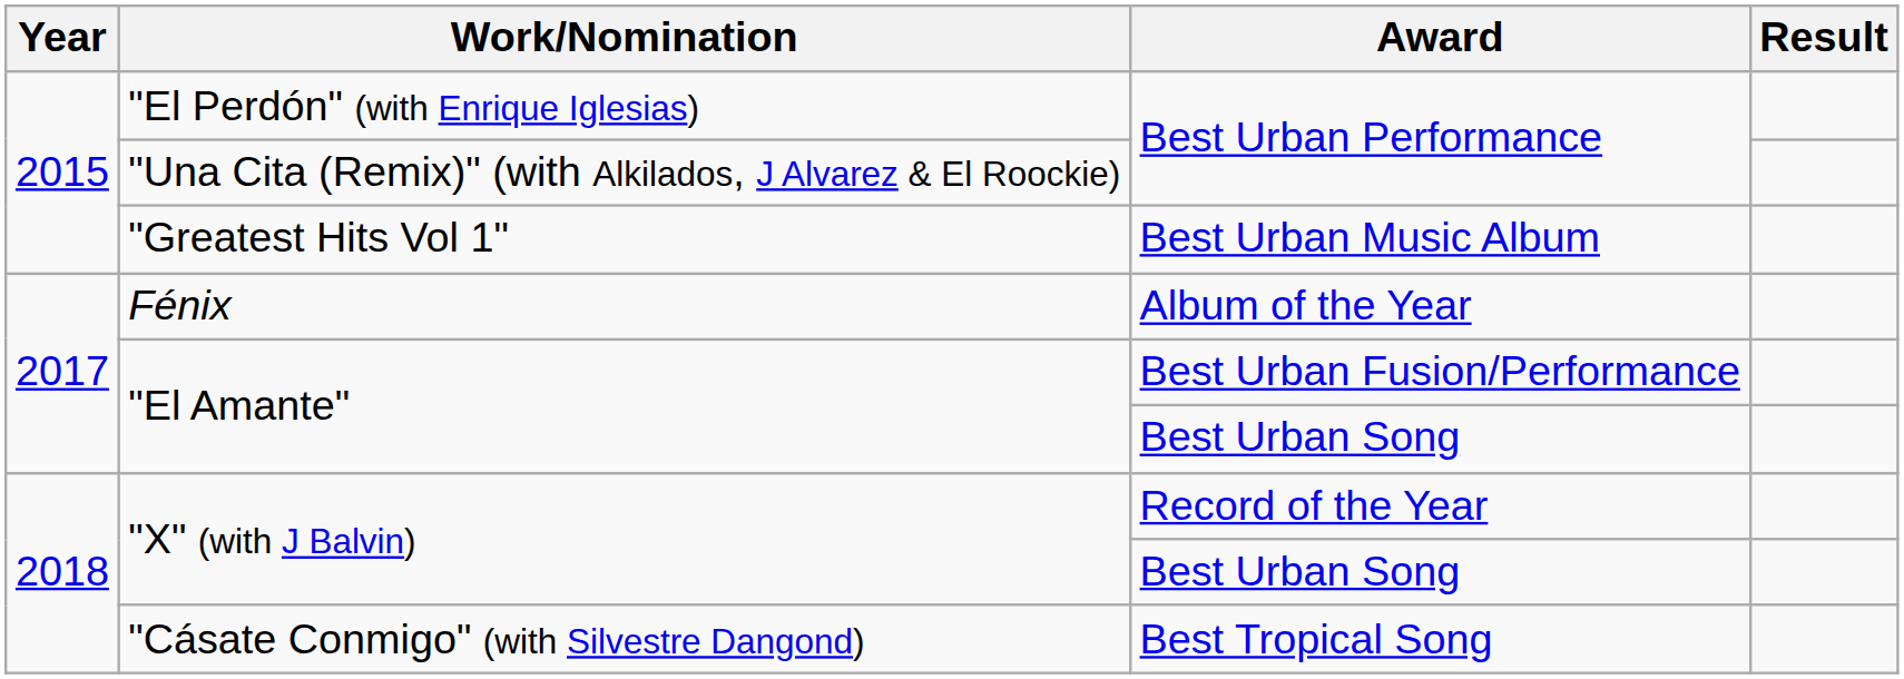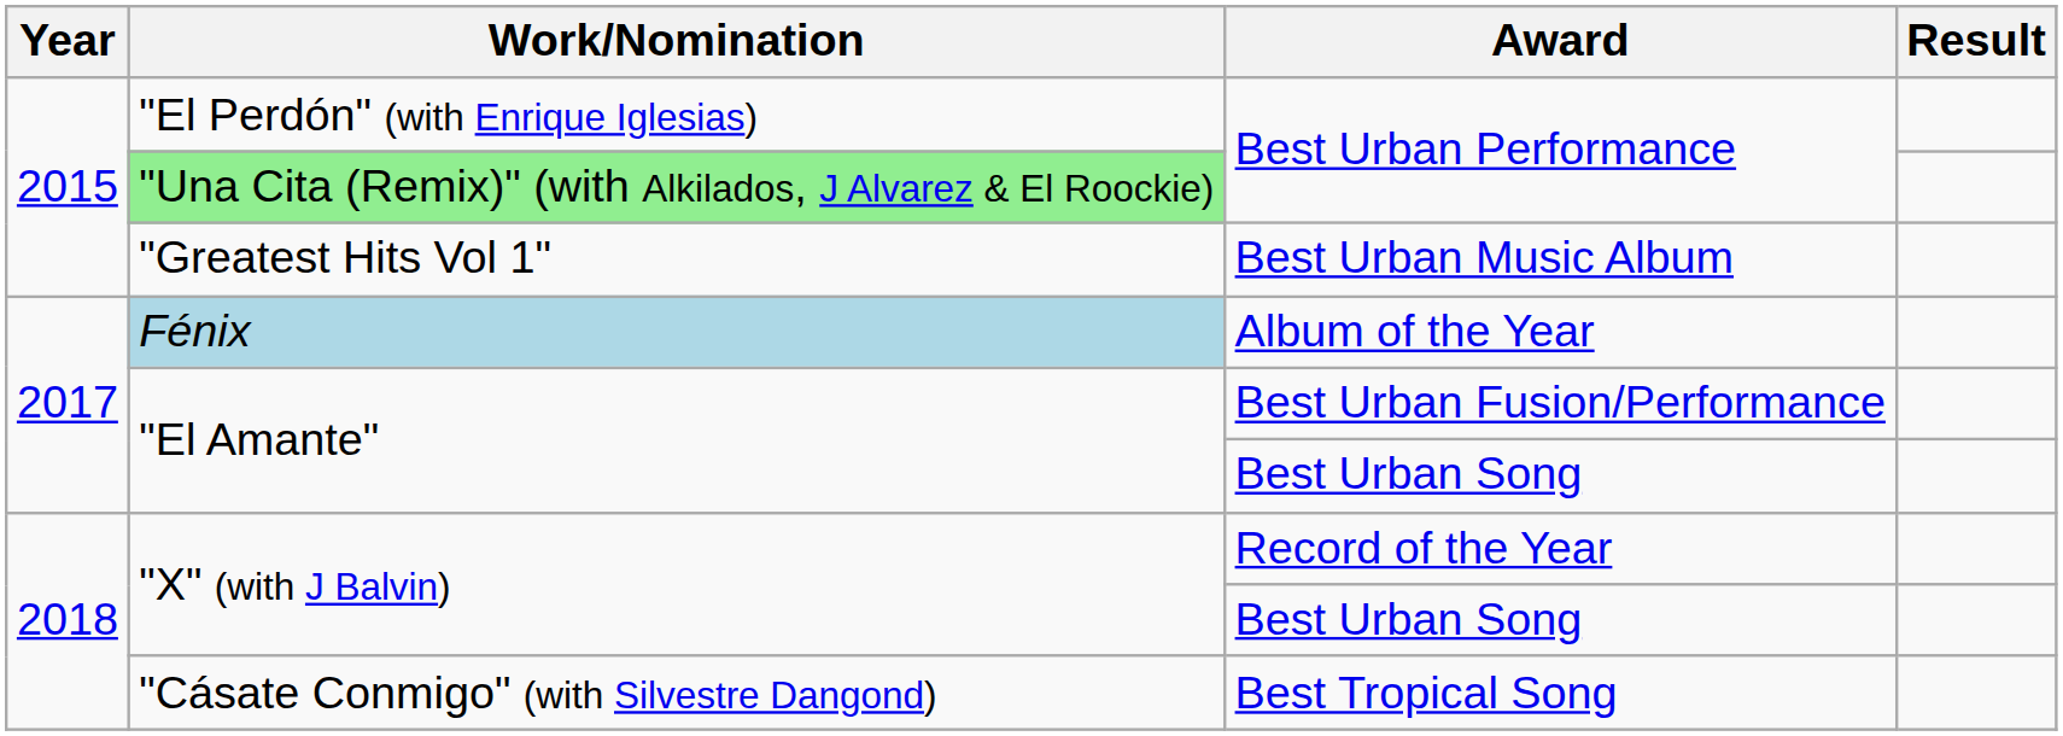 <table class="wikitable">
 <tr>
 <th>Year</th>
 <th>Work/Nomination</th>
 <th>Award</th>
 <th>Result</th>
 </tr>
 <tr>
 <td rowspan=3><a href='#'>2015</a></td>
 <td>"El Perdón" <small>(with <a href='#'>Enrique Iglesias</a>)</small></td>
 <td rowspan=2><a href='#'>Best Urban Performance</a></td>
 <td></td>
 </tr>
 <tr>
-<td>"Una Cita (Remix)" (with <small>Alkilados</small>, <small><a href='#'>J Alvarez</a> & El Roockie)</small></td>
+<td style="background: lightgreen;">"Una Cita (Remix)" (with <small>Alkilados</small>, <small><a href='#'>J Alvarez</a> & El Roockie)</small></td>
 <td></td>
 </tr>
 <tr>
 <td>"Greatest Hits Vol 1"</td>
 <td><a href='#'>Best Urban Music Album</a></td>
 <td></td>
 </tr>
 <tr>
 <td rowspan=3><a href='#'>2017</a></td>
-<td><em>Fénix</em></td>
+<td style="background: lightblue;"><em>Fénix</em></td>
 <td><a href='#'>Album of the Year</a></td>
 <td></td>
 </tr>
 <tr>
 <td rowspan=2>"El Amante"</td>
 <td><a href='#'>Best Urban Fusion/Performance</a></td>
 <td></td>
 </tr>
 <tr>
 <td><a href='#'>Best Urban Song</a></td>
 <td></td>
 </tr>
 <tr>
 <td rowspan=3><a href='#'>2018</a></td>
 <td rowspan=2>"X" <small>(with <a href='#'>J Balvin</a>)</small></td>
 <td><a href='#'>Record of the Year</a></td>
 <td></td>
 </tr>
 <tr>
 <td><a href='#'>Best Urban Song</a></td>
 <td></td>
 </tr>
 <tr>
 <td>"Cásate Conmigo" <small>(with <a href='#'>Silvestre Dangond</a>)</small></td>
 <td><a href='#'>Best Tropical Song</a></td>
 <td></td>
 </tr>
 </table>
